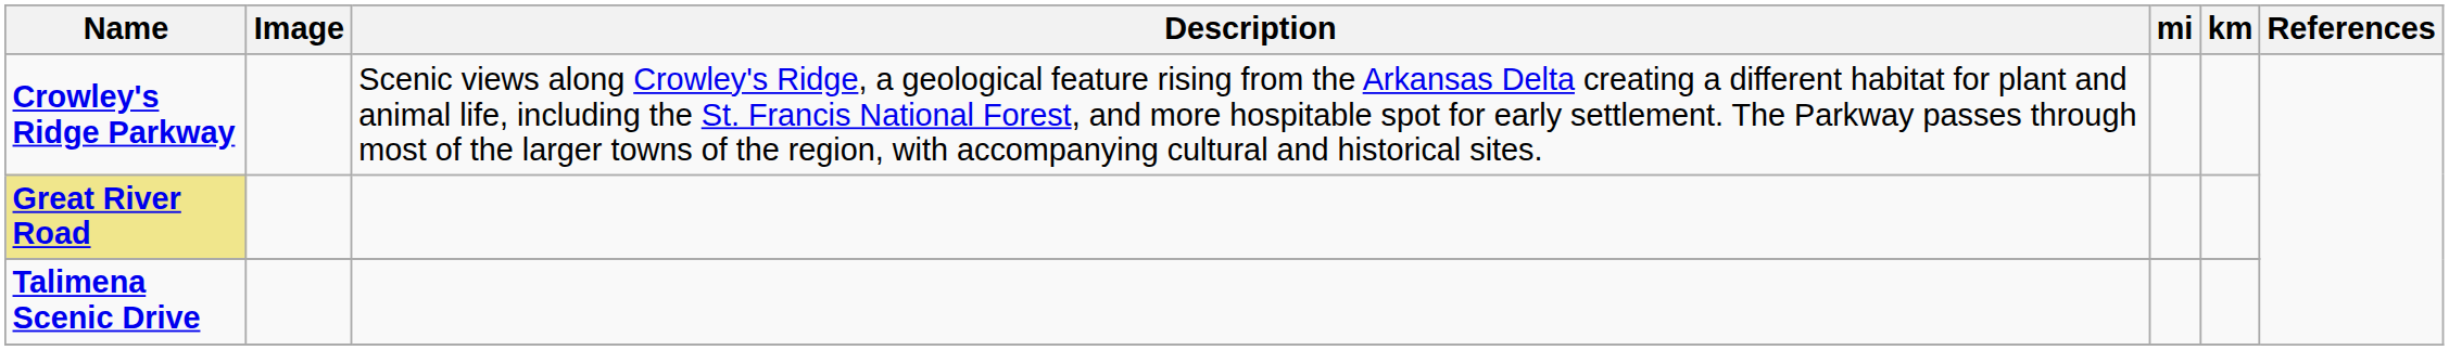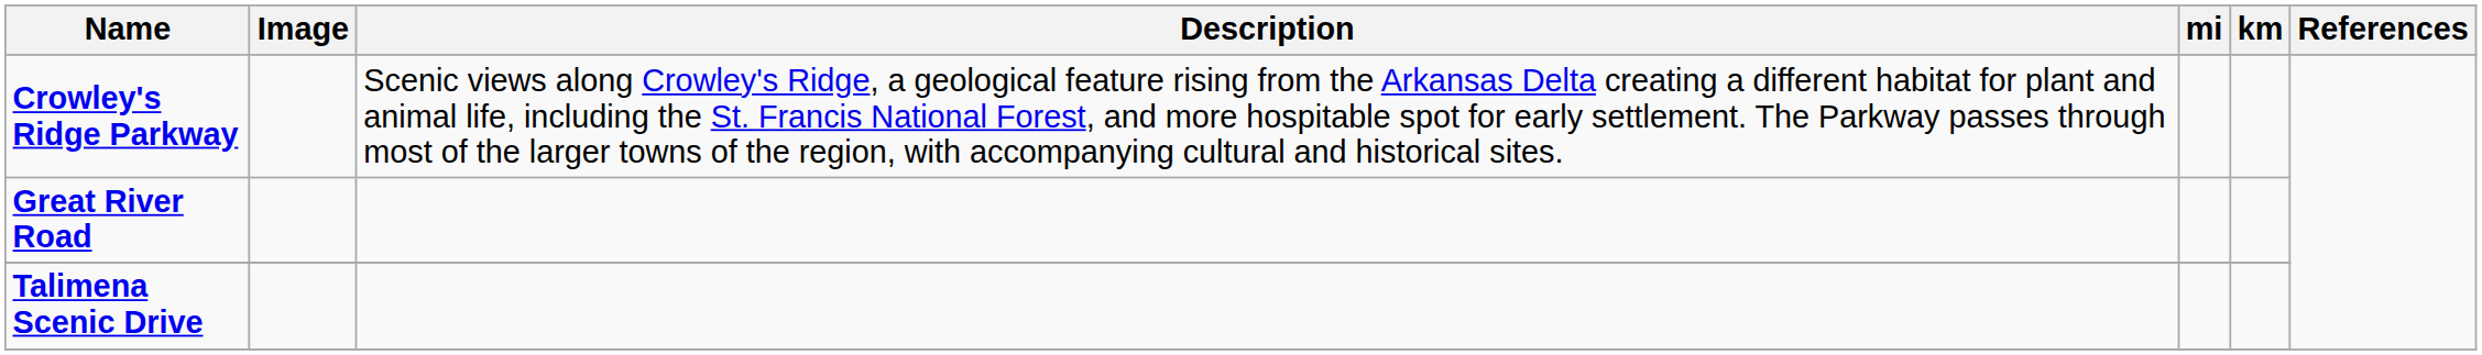 <table class="wikitable sortable">
 <tr>
 <th>Name</th>
 <th class="unsortable">Image</th>
 <th>Description</th>
 <th>mi</th>
 <th class="unsortable">km</th>
 <th class="unsortable">References</th>
 </tr>
 <tr>
 <td><strong><a href='#'>Crowley's Ridge Parkway</a></strong></td>
 <td></td>
 <td>Scenic views along <a href='#'>Crowley's Ridge</a>, a geological feature rising from the <a href='#'>Arkansas Delta</a> creating a different habitat for plant and animal life, including the <a href='#'>St. Francis National Forest</a>, and more hospitable spot for early settlement. The Parkway passes through most of the larger towns of the region, with accompanying cultural and historical sites.</td>
 <td></td>
 <td></td>
 </tr>
 <tr>
-<td style="background: khaki;"><strong><a href='#'>Great River Road</a></strong></td>
+<td><strong><a href='#'>Great River Road</a></strong></td>
 <td></td>
 <td></td>
 <td></td>
 <td></td>
 </tr>
 <tr>
 </tr>
 <tr>
 <td><strong><a href='#'>Talimena Scenic Drive</a></strong></td>
 <td></td>
 <td></td>
 <td></td>
 <td></td>
 </tr>
 <tr>
 </tr>
 </table>
